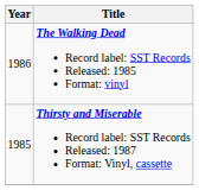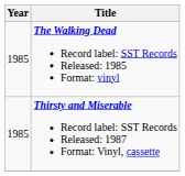 <table class="wikitable">
 <tr>
 <th>Year</th>
 <th>Title</th>
 </tr>
 <tr>
-<td>1986</td>
+<td>1985</td>
 <td><strong><em><a href='#'>The Walking Dead</a></em></strong><br><ul><li>Record label: <a href='#'>SST Records</a></li><li>Released: 1985</li><li>Format: <a href='#'>vinyl</a></li></ul></td>
 </tr>
 <tr>
 <td>1985</td>
 <td><strong><em><a href='#'>Thirsty and Miserable</a></em></strong><br><ul><li>Record label: SST Records</li><li>Released: 1987</li><li>Format: Vinyl, <a href='#'>cassette</a></li></ul></td>
 </tr>
 <tr>
 </tr>
 </table>
